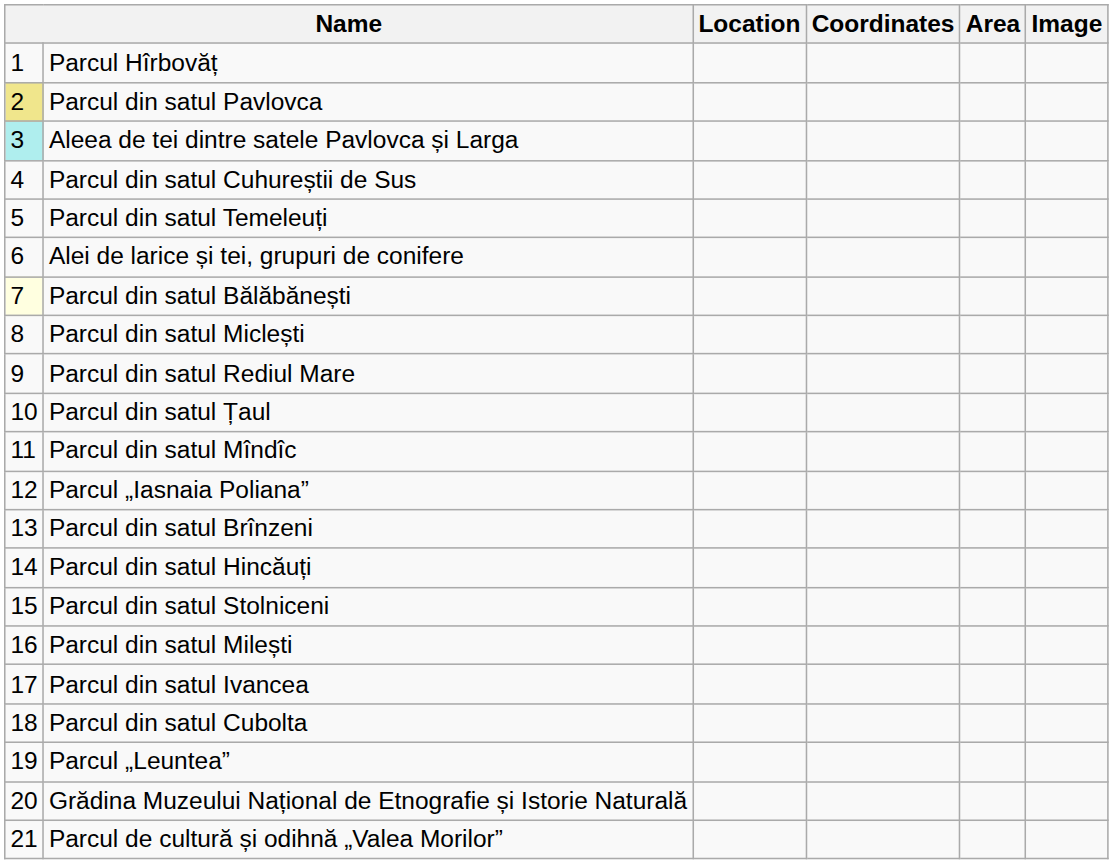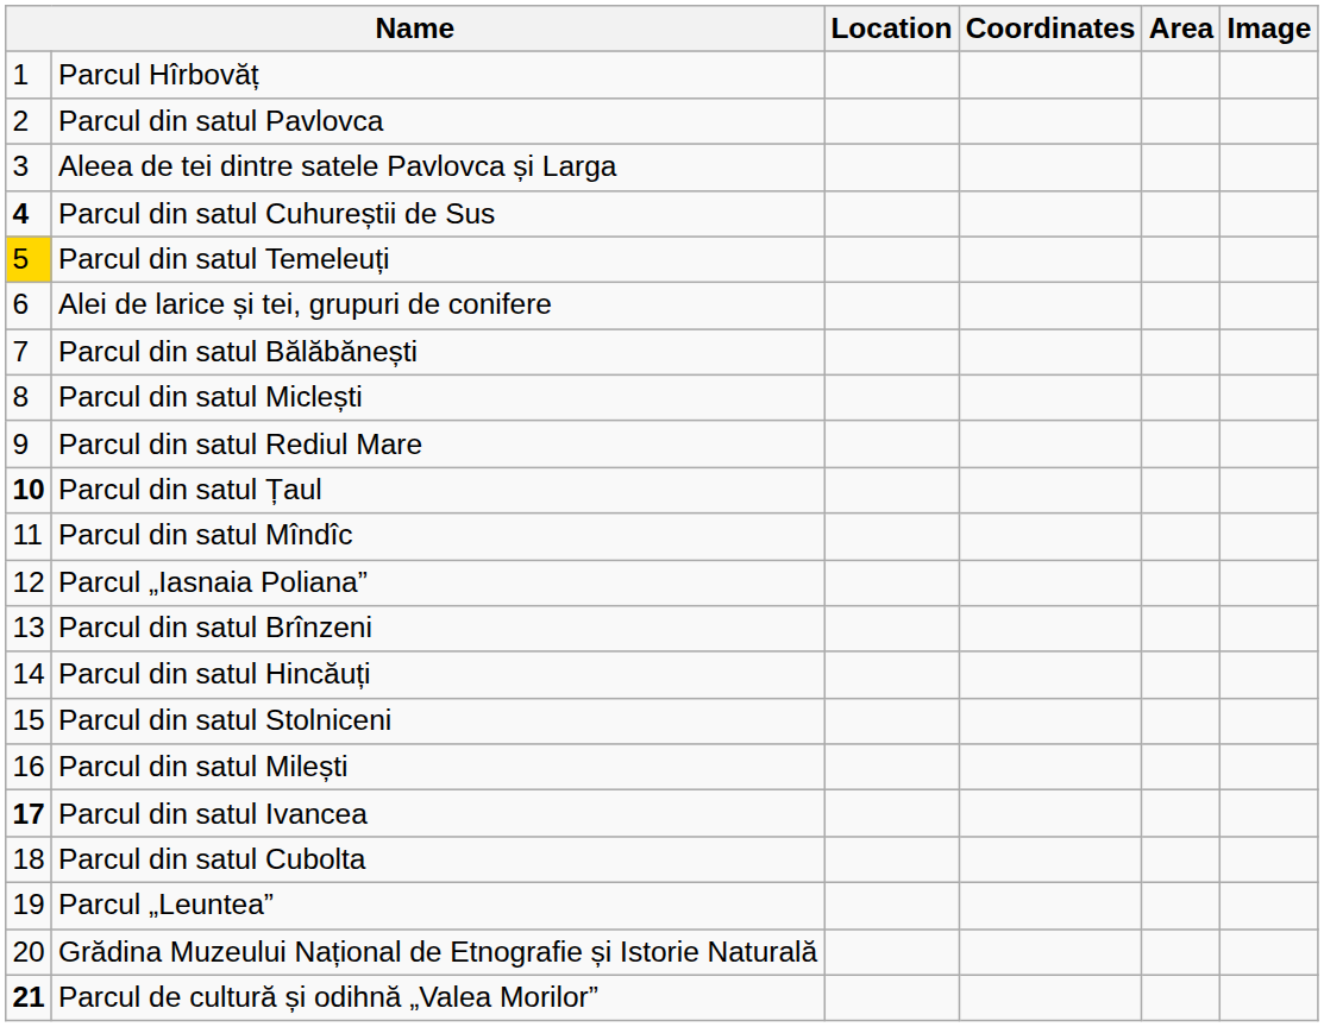 <table class="wikitable sortable plainrowheaders">
 <tr>
 <th colspan="2">Name</th>
 <th>Location</th>
 <th>Coordinates</th>
 <th>Area</th>
 <th>Image</th>
 </tr>
 <tr>
 <td>1</td>
 <td>Parcul Hîrbovăț</td>
 <td></td>
 <td></td>
 <td></td>
 <td></td>
 </tr>
 <tr>
-<td style="background: khaki;">2</td>
+<td>2</td>
 <td>Parcul din satul Pavlovca</td>
 <td></td>
 <td></td>
 <td></td>
 <td></td>
 </tr>
 <tr>
-<td style="background: paleturquoise;">3</td>
+<td>3</td>
 <td>Aleea de tei dintre satele Pavlovca și Larga</td>
 <td></td>
 <td></td>
 <td></td>
 <td></td>
 </tr>
 <tr>
-<td>4</td>
+<td><strong>4</strong></td>
 <td>Parcul din satul Cuhureștii de Sus</td>
 <td></td>
 <td></td>
 <td></td>
 <td></td>
 </tr>
 <tr>
-<td>5</td>
+<td style="background: gold;">5</td>
 <td>Parcul din satul Temeleuți</td>
 <td></td>
 <td></td>
 <td></td>
 <td></td>
 </tr>
 <tr>
 <td>6</td>
 <td>Alei de larice și tei, grupuri de conifere</td>
 <td></td>
 <td></td>
 <td></td>
 <td></td>
 </tr>
 <tr>
-<td style="background: lightyellow;">7</td>
+<td>7</td>
 <td>Parcul din satul Bălăbănești</td>
 <td></td>
 <td></td>
 <td></td>
 <td></td>
 </tr>
 <tr>
 <td>8</td>
 <td>Parcul din satul Miclești</td>
 <td></td>
 <td></td>
 <td></td>
 <td></td>
 </tr>
 <tr>
 <td>9</td>
 <td>Parcul din satul Rediul Mare</td>
 <td></td>
 <td></td>
 <td></td>
 <td></td>
 </tr>
 <tr>
-<td>10</td>
+<td><strong>10</strong></td>
 <td>Parcul din satul Țaul</td>
 <td></td>
 <td></td>
 <td></td>
 <td></td>
 </tr>
 <tr>
 <td>11</td>
 <td>Parcul din satul Mîndîc</td>
 <td></td>
 <td></td>
 <td></td>
 <td></td>
 </tr>
 <tr>
 <td>12</td>
 <td>Parcul „Iasnaia Poliana”</td>
 <td></td>
 <td></td>
 <td></td>
 <td></td>
 </tr>
 <tr>
 <td>13</td>
 <td>Parcul din satul Brînzeni</td>
 <td></td>
 <td></td>
 <td></td>
 <td></td>
 </tr>
 <tr>
 <td>14</td>
 <td>Parcul din satul Hincăuți</td>
 <td></td>
 <td></td>
 <td></td>
 <td></td>
 </tr>
 <tr>
 <td>15</td>
 <td>Parcul din satul Stolniceni</td>
 <td></td>
 <td></td>
 <td></td>
 <td></td>
 </tr>
 <tr>
 <td>16</td>
 <td>Parcul din satul Milești</td>
 <td></td>
 <td></td>
 <td></td>
 <td></td>
 </tr>
 <tr>
-<td>17</td>
+<td><strong>17</strong></td>
 <td>Parcul din satul Ivancea</td>
 <td></td>
 <td></td>
 <td></td>
 <td></td>
 </tr>
 <tr>
 <td>18</td>
 <td>Parcul din satul Cubolta</td>
 <td></td>
 <td></td>
 <td></td>
 <td></td>
 </tr>
 <tr>
 <td>19</td>
 <td>Parcul „Leuntea”</td>
 <td></td>
 <td></td>
 <td></td>
 <td></td>
 </tr>
 <tr>
 <td>20</td>
 <td>Grădina Muzeului Național de Etnografie și Istorie Naturală</td>
 <td></td>
 <td></td>
 <td></td>
 <td></td>
 </tr>
 <tr>
-<td>21</td>
+<td><strong>21</strong></td>
 <td>Parcul de cultură și odihnă „Valea Morilor”</td>
 <td></td>
 <td></td>
 <td></td>
 <td></td>
 </tr>
 </table>
